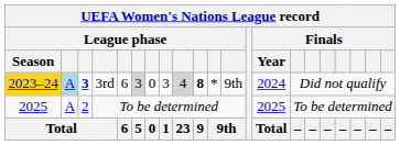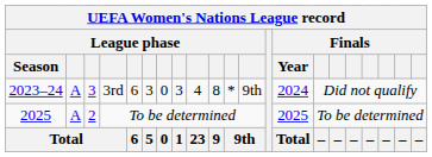 <table class="wikitable" style="text-align:center">
 <tr>
 <th colspan="22"><a href='#'>UEFA Women's Nations League</a> record</th>
 </tr>
 <tr>
 <th colspan="12">League phase</th>
 <th rowspan="5"></th>
 <th colspan="9">Finals</th>
 </tr>
 <tr>
 <th>Season</th>
 <th></th>
 <th></th>
 <th></th>
 <th></th>
 <th></th>
 <th></th>
 <th></th>
 <th></th>
 <th></th>
 <th></th>
 <th></th>
 <th>Year</th>
 <th></th>
 <th></th>
 <th></th>
 <th></th>
 <th></th>
 <th></th>
 <th></th>
 </tr>
 <tr>
-<td style="background: gold;"><a href='#'>2023–24</a></td>
-<td style="background: lightblue;"><a href='#'>A</a></td>
-<td><strong><a href='#'>3</a></strong></td>
+<td><a href='#'>2023–24</a></td>
+<td><a href='#'>A</a></td>
+<td><a href='#'>3</a></td>
 <td>3rd</td>
 <td>6</td>
-<td style="background: lightgrey;">3</td>
+<td>3</td>
 <td>0</td>
 <td>3</td>
-<td style="background: lightgrey;">4</td>
-<td><strong>8</strong></td>
+<td>4</td>
+<td>8</td>
 <td>*</td>
 <td>9th</td>
 <td> <a href='#'>2024</a></td>
 <td colspan="8"><em>Did not qualify</em></td>
 </tr>
 <tr>
 <td><a href='#'>2025</a></td>
 <td><a href='#'>A</a></td>
 <td><a href='#'>2</a></td>
 <td colspan="9"><em>To be determined</em></td>
 <td> <a href='#'>2025</a></td>
 <td colspan="7"><em>To be determined</em></td>
 </tr>
 <tr>
 <th colspan="4">Total</th>
 <th>6</th>
 <th>5</th>
 <th>0</th>
 <th>1</th>
 <th>23</th>
 <th>9</th>
 <th colspan="2">9th</th>
 <th>Total</th>
 <th>–</th>
 <th>–</th>
 <th>–</th>
 <th>–</th>
 <th>–</th>
 <th>–</th>
 <th>–</th>
 </tr>
 </table>
